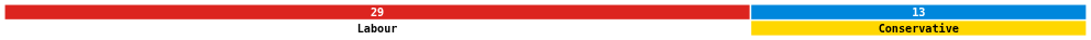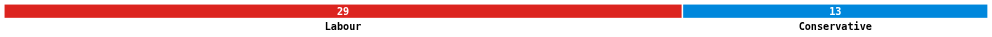 <table style="width:100%; text-align:center;">
 <tr style="color:white;">
 <td style="background:#dc241f; width:69.0%"><strong>29</strong></td>
 <td style="background:#0087dc; width:31.0;"><strong>13</strong></td>
 </tr>
 <tr>
 <td><span><strong>Labour</strong></span></td>
-<td style="background: gold;"><span><strong>Conservative</strong></span></td>
+<td><span><strong>Conservative</strong></span></td>
 </tr>
 </table>
